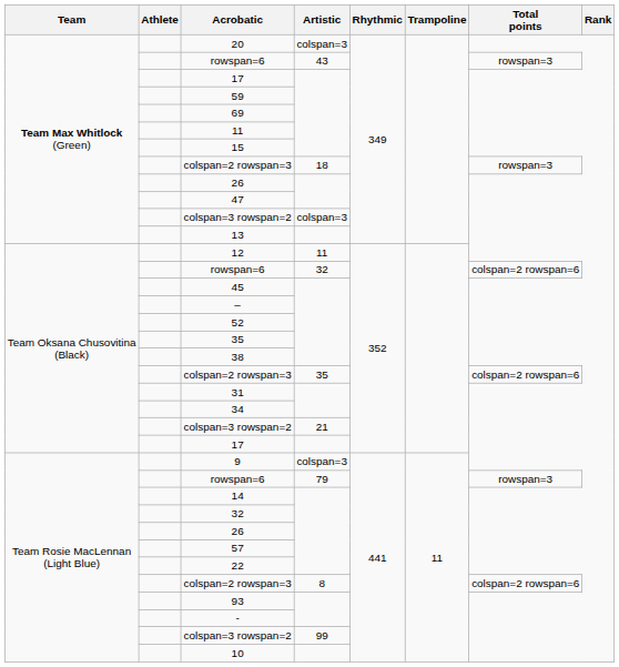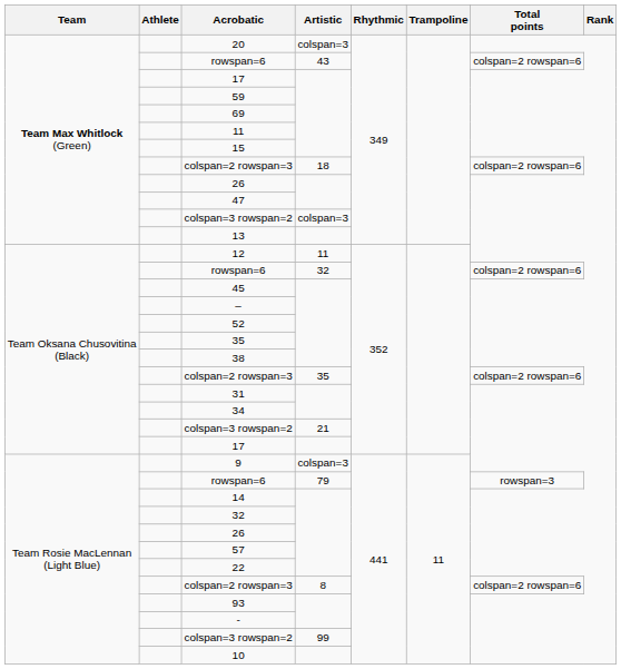 <table class="wikitable" style="text-align:center;font-size:90%">
 <tr>
 <th>Team</th>
 <th>Athlete</th>
 <th>Acrobatic</th>
 <th>Artistic</th>
 <th>Rhythmic</th>
 <th>Trampoline</th>
 <th>Total<br>points</th>
 <th>Rank</th>
 </tr>
 <tr>
 <td rowspan=12><strong>Team Max Whitlock</strong><br>(Green)</td>
 <td align=left><br></td>
 <td>20</td>
 <td>colspan=3 </td>
 <td rowspan=12>349</td>
 <td rowspan=12></td>
 </tr>
 <tr>
 <td align=left></td>
 <td>rowspan=6 </td>
 <td>43</td>
-<td>rowspan=3 </td>
+<td>colspan=2 rowspan=6 </td>
 </tr>
 <tr>
 <td align=left></td>
 <td>17</td>
 </tr>
 <tr>
 <td align=left></td>
 <td>59</td>
 </tr>
 <tr>
 <td align=left></td>
 <td>69</td>
 </tr>
 <tr>
 <td align=left></td>
 <td>11</td>
 </tr>
 <tr>
 <td align=left></td>
 <td>15</td>
 </tr>
 <tr>
 <td align=left></td>
 <td>colspan=2 rowspan=3 </td>
 <td>18</td>
-<td>rowspan=3 </td>
+<td>colspan=2 rowspan=6 </td>
 </tr>
 <tr>
 <td align=left></td>
 <td>26</td>
 </tr>
 <tr>
 <td align=left></td>
 <td>47</td>
 </tr>
 <tr>
 <td align=left></td>
 <td>colspan=3 rowspan=2 </td>
 <td>colspan=3 </td>
 </tr>
 <tr>
 <td align=left></td>
 <td>13</td>
 </tr>
 <tr align=center>
 <td rowspan=12>Team Oksana Chusovitina<br>(Black)</td>
 <td align=left><strong><br></strong></td>
 <td>12</td>
 <td>11</td>
 <td rowspan=12>352</td>
 <td rowspan=12></td>
 </tr>
 <tr align=center>
 <td align=left></td>
 <td>rowspan=6 </td>
 <td>32</td>
 <td>colspan=2 rowspan=6 </td>
 </tr>
 <tr align=center>
 <td align=left></td>
 <td>45</td>
 </tr>
 <tr align=center>
 <td align=left></td>
 <td>–</td>
 </tr>
 <tr align=center>
 <td align=left></td>
 <td>52</td>
 </tr>
 <tr align=center>
 <td align=left></td>
 <td>35</td>
 </tr>
 <tr align=center>
 <td align=left></td>
 <td>38</td>
 </tr>
 <tr align=center>
 <td align=left></td>
 <td>colspan=2 rowspan=3 </td>
 <td>35</td>
 <td>colspan=2 rowspan=6 </td>
 </tr>
 <tr align=center>
 <td align=left></td>
 <td>31</td>
 </tr>
 <tr align=center>
 <td align=left></td>
 <td>34</td>
 </tr>
 <tr align=center>
 <td align=left></td>
 <td>colspan=3 rowspan=2 </td>
 <td>21</td>
 </tr>
 <tr align=center>
 <td align=left></td>
 <td>17</td>
 </tr>
 <tr align=center>
 <td rowspan=12>Team Rosie MacLennan<br>(Light Blue)</td>
 <td align=left><br></td>
 <td>9</td>
 <td>colspan=3 </td>
 <td rowspan=12>441</td>
 <td rowspan=12>11</td>
 </tr>
 <tr align=center>
 <td align=left></td>
 <td>rowspan=6 </td>
 <td>79</td>
 <td>rowspan=3 </td>
 </tr>
 <tr align=center>
 <td align=left></td>
 <td>14</td>
 </tr>
 <tr align=center>
 <td align=left></td>
 <td>32</td>
 </tr>
 <tr align=center>
 <td align=left></td>
 <td>26</td>
 </tr>
 <tr align=center>
 <td align=left></td>
 <td>57</td>
 </tr>
 <tr align=center>
 <td align=left></td>
 <td>22</td>
 </tr>
 <tr align=center>
 <td align=left></td>
 <td>colspan=2 rowspan=3 </td>
 <td>8</td>
 <td>colspan=2 rowspan=6 </td>
 </tr>
 <tr align=center>
 <td align=left></td>
 <td>93</td>
 </tr>
 <tr align=center>
 <td align=left></td>
 <td>-</td>
 </tr>
 <tr align=center>
 <td align=left></td>
 <td>colspan=3 rowspan=2 </td>
 <td>99</td>
 </tr>
 <tr align=center>
 <td align=left></td>
 <td>10</td>
 </tr>
 </table>
